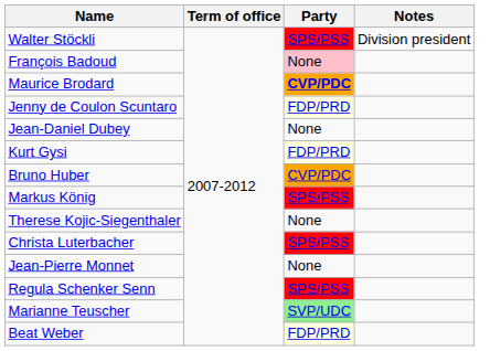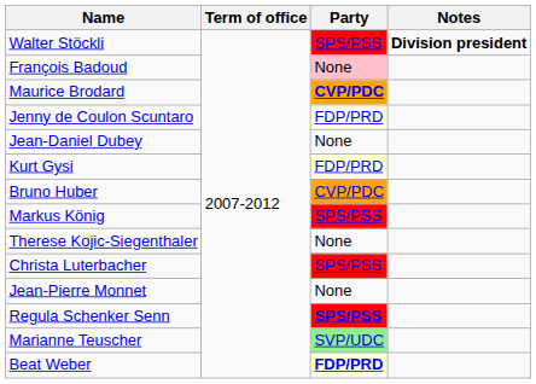 <table class="wikitable">
 <tr>
 <th>Name</th>
 <th>Term of office</th>
 <th>Party</th>
 <th>Notes</th>
 </tr>
 <tr>
 <td><a href='#'>Walter Stöckli</a></td>
 <td rowspan="14">2007-2012</td>
 <td style="background:red"><a href='#'>SPS/PSS</a></td>
-<td>Division president</td>
+<td><strong>Division president</strong></td>
 </tr>
 <tr>
 <td><a href='#'>François Badoud</a></td>
 <td style="background: pink;">None</td>
 <td></td>
 </tr>
 <tr>
 <td><a href='#'>Maurice Brodard</a></td>
 <td style="background:orange"><strong><a href='#'>CVP/PDC</a></strong></td>
 <td></td>
 </tr>
 <tr>
 <td><a href='#'>Jenny de Coulon Scuntaro</a></td>
 <td style="background:lightyellow"><a href='#'>FDP/PRD</a></td>
 <td></td>
 </tr>
 <tr>
 <td><a href='#'>Jean-Daniel Dubey</a></td>
 <td>None</td>
 <td></td>
 </tr>
 <tr>
 <td><a href='#'>Kurt Gysi</a></td>
 <td style="background:lightyellow"><a href='#'>FDP/PRD</a></td>
 <td></td>
 </tr>
 <tr>
 <td><a href='#'>Bruno Huber</a></td>
 <td style="background:orange"><a href='#'>CVP/PDC</a></td>
 <td></td>
 </tr>
 <tr>
 <td><a href='#'>Markus König</a></td>
 <td style="background:red"><a href='#'>SPS/PSS</a></td>
 <td></td>
 </tr>
 <tr>
 <td><a href='#'>Therese Kojic-Siegenthaler</a></td>
 <td>None</td>
 <td></td>
 </tr>
 <tr>
 <td><a href='#'>Christa Luterbacher</a></td>
 <td style="background:red"><a href='#'>SPS/PSS</a></td>
 <td></td>
 </tr>
 <tr>
 <td><a href='#'>Jean-Pierre Monnet</a></td>
 <td>None</td>
 <td></td>
 </tr>
 <tr>
 <td><a href='#'>Regula Schenker Senn</a></td>
-<td style="background:red"><a href='#'>SPS/PSS</a></td>
+<td style="background:red"><strong><a href='#'>SPS/PSS</a></strong></td>
 <td></td>
 </tr>
 <tr>
 <td><a href='#'>Marianne Teuscher</a></td>
 <td style="background:lightgreen"><a href='#'>SVP/UDC</a></td>
 <td></td>
 </tr>
 <tr>
 <td><a href='#'>Beat Weber</a></td>
-<td style="background:lightyellow"><a href='#'>FDP/PRD</a></td>
+<td style="background:lightyellow"><strong><a href='#'>FDP/PRD</a></strong></td>
 <td></td>
 </tr>
 </table>
